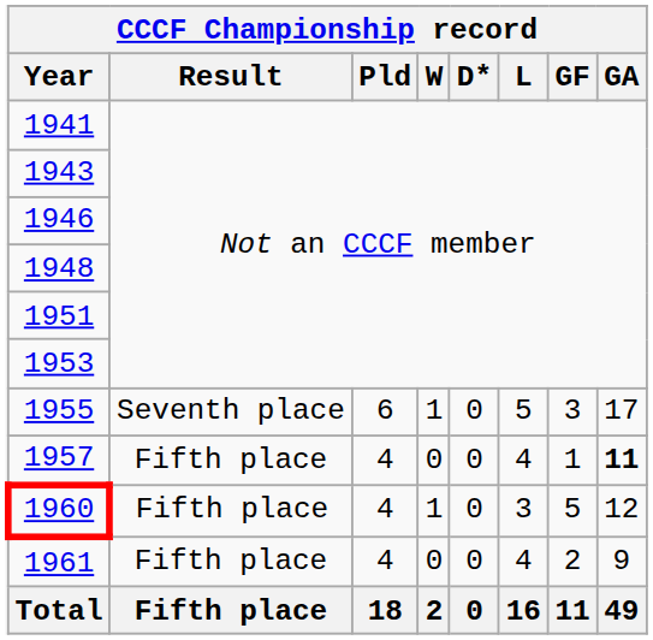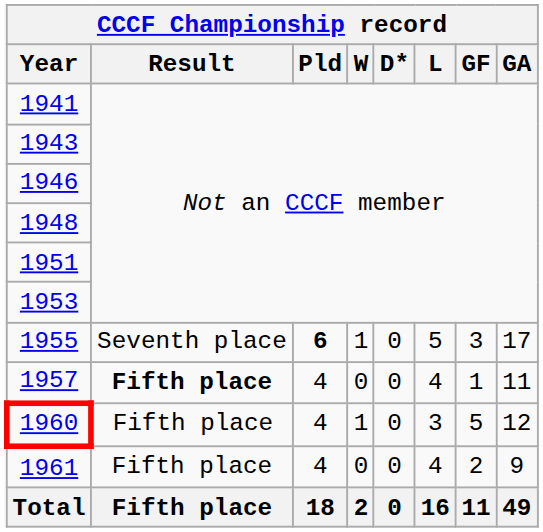 <table class="wikitable" style="text-align: center;">
 <tr>
 <th colspan=8><a href='#'>CCCF Championship</a> record</th>
 </tr>
 <tr>
 <th>Year</th>
 <th>Result</th>
 <th>Pld</th>
 <th>W</th>
 <th>D*</th>
 <th>L</th>
 <th>GF</th>
 <th>GA</th>
 </tr>
 <tr>
 <td> <a href='#'>1941</a></td>
 <td colspan=8 rowspan=6><em>Not</em> an <a href='#'>CCCF</a> member</td>
 </tr>
 <tr>
 <td> <a href='#'>1943</a></td>
 </tr>
 <tr>
 <td> <a href='#'>1946</a></td>
 </tr>
 <tr>
 <td> <a href='#'>1948</a></td>
 </tr>
 <tr>
 <td> <a href='#'>1951</a></td>
 </tr>
 <tr>
 <td> <a href='#'>1953</a></td>
 </tr>
 <tr>
 <td> <a href='#'>1955</a></td>
 <td>Seventh place</td>
-<td>6</td>
+<td><strong>6</strong></td>
 <td>1</td>
 <td>0</td>
 <td>5</td>
 <td>3</td>
 <td>17</td>
 </tr>
 <tr>
 <td> <a href='#'>1957</a></td>
-<td>Fifth place</td>
+<td><strong>Fifth place</strong></td>
 <td>4</td>
 <td>0</td>
 <td>0</td>
 <td>4</td>
 <td>1</td>
-<td><strong>11</strong></td>
+<td>11</td>
 </tr>
 <tr>
 <td style="border:3px solid red"> <a href='#'>1960</a></td>
 <td>Fifth place</td>
 <td>4</td>
 <td>1</td>
 <td>0</td>
 <td>3</td>
 <td>5</td>
 <td>12</td>
 </tr>
 <tr>
 <td> <a href='#'>1961</a></td>
 <td>Fifth place</td>
 <td>4</td>
 <td>0</td>
 <td>0</td>
 <td>4</td>
 <td>2</td>
 <td>9</td>
 </tr>
 <tr>
 <th>Total</th>
 <th>Fifth place</th>
 <th>18</th>
 <th>2</th>
 <th>0</th>
 <th>16</th>
 <th>11</th>
 <th>49</th>
 </tr>
 </table>
